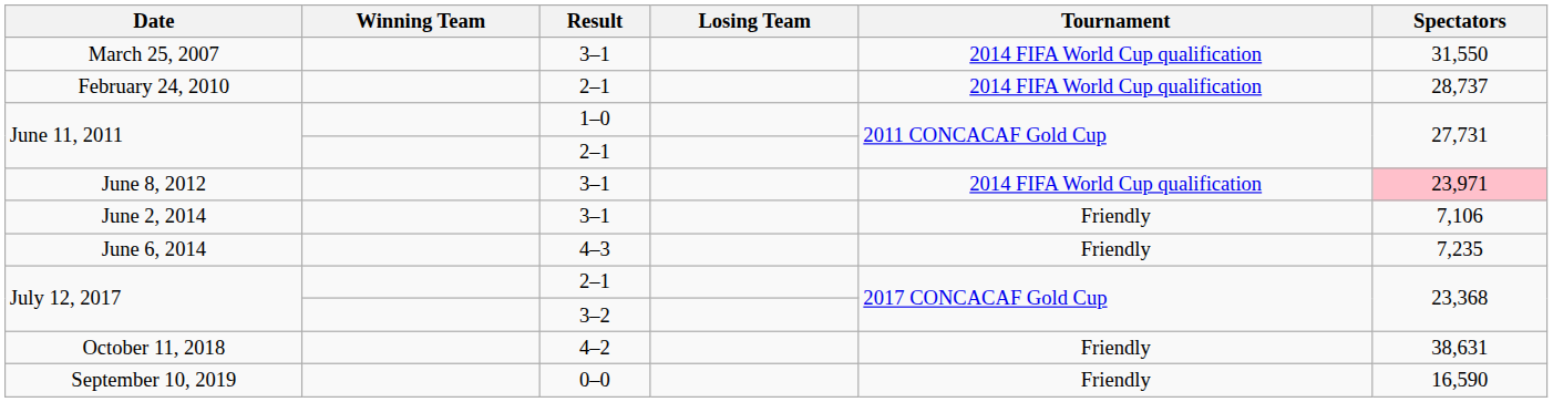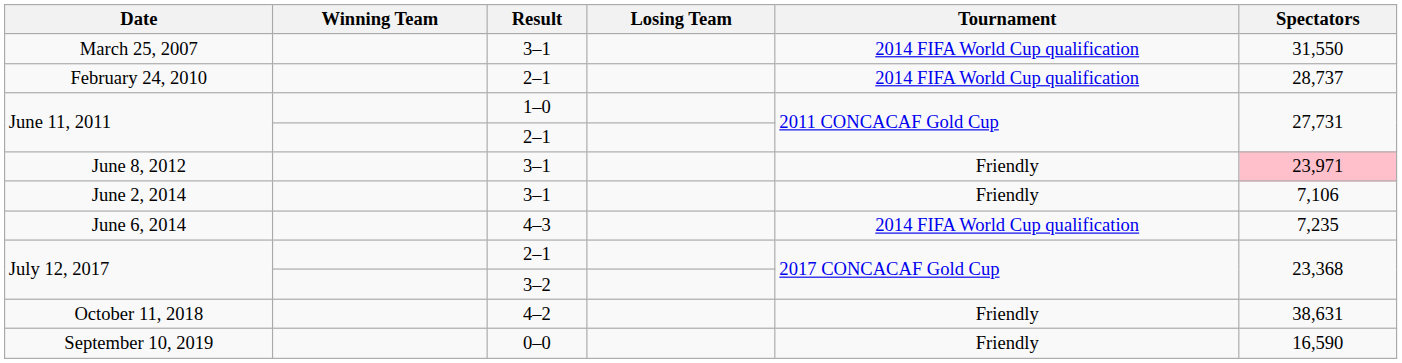 <table class="wikitable" style="text-align:left; width:95%;" style="text-align:center">
 <tr>
 <th style="text-align:center; ">Date</th>
 <th style="text-align:center; ">Winning Team</th>
 <th style="text-align:center; ">Result</th>
 <th style="text-align:center; ">Losing Team</th>
 <th style="text-align:center; ">Tournament</th>
 <th style="text-align:center; ">Spectators</th>
 </tr>
 <tr>
 <td style="text-align:center;">March 25, 2007</td>
 <td><strong></strong></td>
 <td style="text-align:center;">3–1</td>
 <td></td>
 <td style="text-align:center;"><a href='#'>2014 FIFA World Cup qualification</a></td>
 <td style="text-align:center;">31,550</td>
 </tr>
 <tr>
 <td style="text-align:center;">February 24, 2010</td>
 <td><strong></strong></td>
 <td style="text-align:center;">2–1</td>
 <td></td>
 <td style="text-align:center;"><a href='#'>2014 FIFA World Cup qualification</a></td>
 <td style="text-align:center;">28,737</td>
 </tr>
 <tr>
 <td rowspan="2">June 11, 2011</td>
 <td><strong></strong></td>
 <td style="text-align:center;">1–0</td>
 <td></td>
 <td rowspan="2"><a href='#'>2011 CONCACAF Gold Cup</a></td>
 <td rowspan=2 style="text-align:center;">27,731</td>
 </tr>
 <tr>
 <td><strong></strong></td>
 <td style="text-align:center;">2–1</td>
 <td></td>
 </tr>
 <tr>
 <td style="text-align:center;">June 8, 2012</td>
 <td><strong></strong></td>
 <td style="text-align:center;">3–1</td>
 <td></td>
-<td style="text-align:center;"><a href='#'>2014 FIFA World Cup qualification</a></td>
+<td style="text-align:center;">Friendly</td>
 <td style="background: pink; text-align:center;">23,971</td>
 </tr>
 <tr>
 <td style="text-align:center;">June 2, 2014</td>
 <td><strong></strong></td>
 <td style="text-align:center;">3–1</td>
 <td></td>
 <td style="text-align:center;">Friendly</td>
 <td style="text-align:center;">7,106</td>
 </tr>
 <tr>
 <td style="text-align:center;">June 6, 2014</td>
 <td><strong></strong></td>
 <td style="text-align:center;">4–3</td>
 <td></td>
-<td style="text-align:center;">Friendly</td>
+<td style="text-align:center;"><a href='#'>2014 FIFA World Cup qualification</a></td>
 <td style="text-align:center;">7,235</td>
 </tr>
 <tr>
 <td rowspan="2">July 12, 2017</td>
 <td><strong></strong></td>
 <td style="text-align:center;">2–1</td>
 <td></td>
 <td rowspan="2"><a href='#'>2017 CONCACAF Gold Cup</a></td>
 <td rowspan=2 style="text-align:center;">23,368</td>
 </tr>
 <tr>
 <td><strong></strong></td>
 <td style="text-align:center;">3–2</td>
 <td></td>
 </tr>
 <tr>
 <td style="text-align:center;">October 11, 2018</td>
 <td><strong></strong></td>
 <td style="text-align:center;">4–2</td>
 <td></td>
 <td style="text-align:center;">Friendly</td>
 <td style="text-align:center;">38,631</td>
 </tr>
 <tr>
 <td style="text-align:center;">September 10, 2019</td>
 <td></td>
 <td style="text-align:center;">0–0</td>
 <td></td>
 <td style="text-align:center;">Friendly</td>
 <td style="text-align:center;">16,590</td>
 </tr>
 </table>
